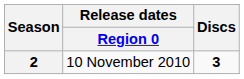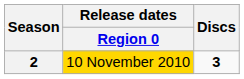 <table class="wikitable" style="text-align:center">
 <tr>
 <th rowspan="2">Season</th>
 <th>Release dates</th>
 <th rowspan="2">Discs</th>
 </tr>
 <tr>
 <th><a href='#'>Region 0</a></th>
 </tr>
 <tr>
 <th>2</th>
-<td>10 November 2010</td>
+<td style="background: gold;">10 November 2010</td>
 <td><strong>3</strong></td>
 </tr>
 </table>
